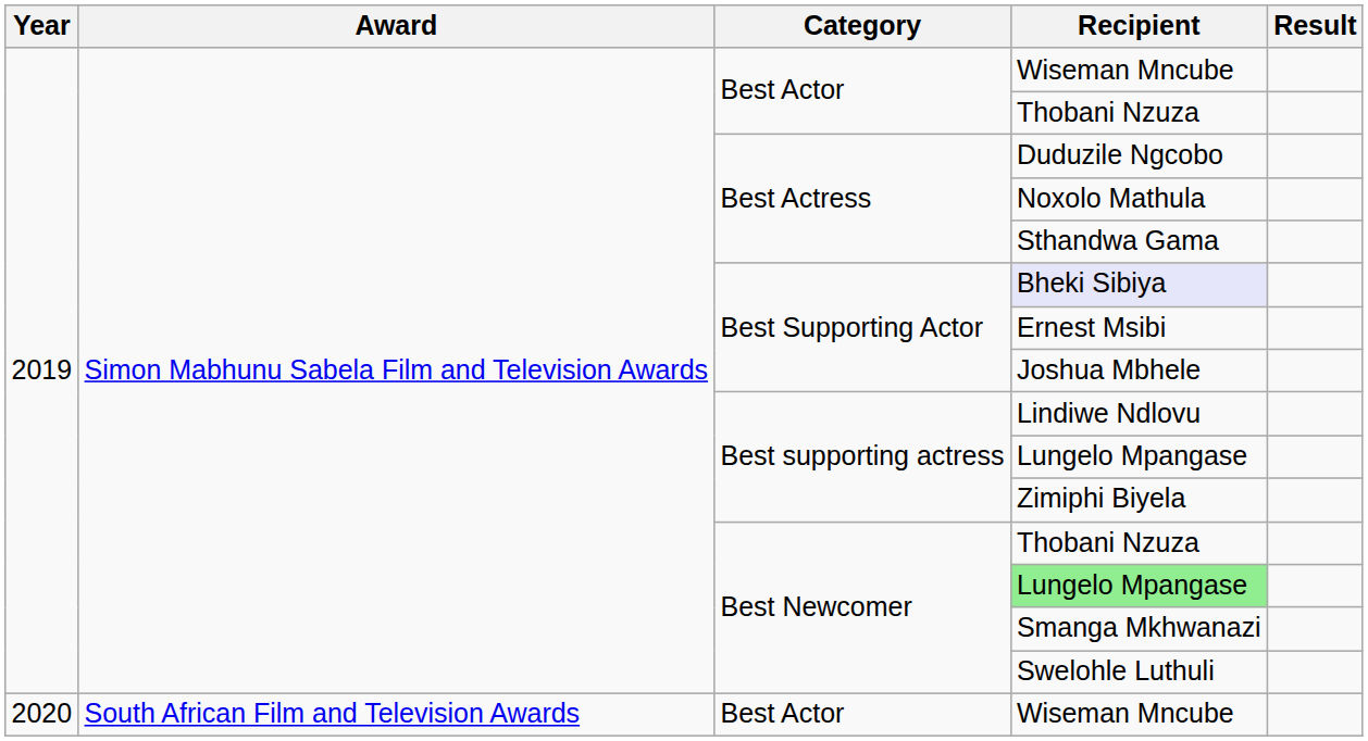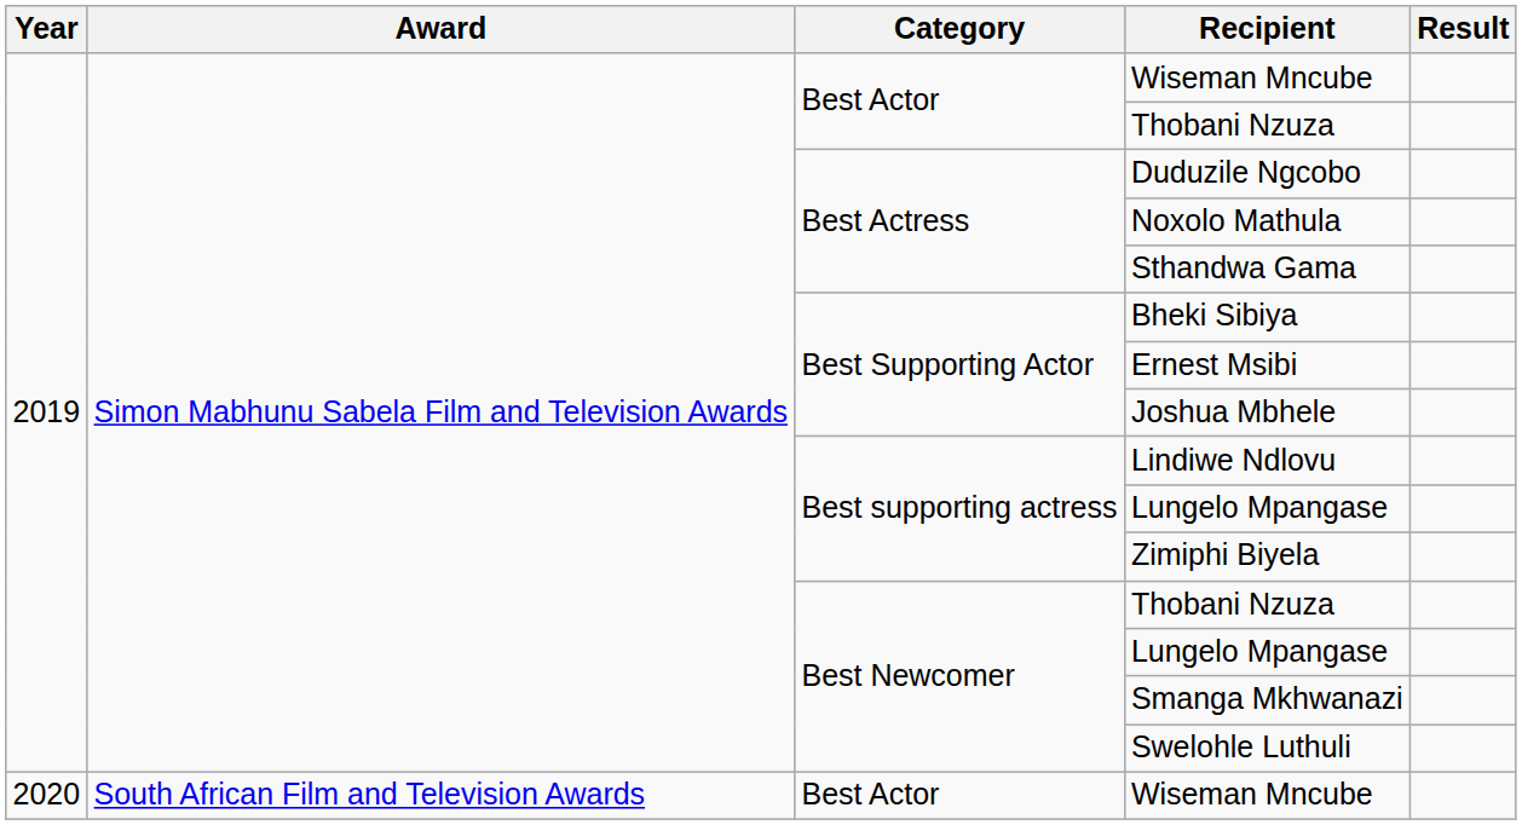 <table class="wikitable">
 <tr>
 <th>Year</th>
 <th>Award</th>
 <th>Category</th>
 <th>Recipient</th>
 <th>Result</th>
 </tr>
 <tr>
 <td rowspan=15>2019</td>
 <td rowspan=15><a href='#'>Simon Mabhunu Sabela Film and Television Awards</a></td>
 <td rowspan=2>Best Actor</td>
 <td>Wiseman Mncube</td>
 <td></td>
 </tr>
 <tr>
 <td>Thobani Nzuza</td>
 <td></td>
 </tr>
 <tr>
 <td rowspan=3>Best Actress</td>
 <td>Duduzile Ngcobo</td>
 <td></td>
 </tr>
 <tr>
 <td>Noxolo Mathula</td>
 <td></td>
 </tr>
 <tr>
 <td>Sthandwa Gama</td>
 <td></td>
 </tr>
 <tr>
 <td rowspan=3>Best Supporting Actor</td>
-<td style="background: lavender;">Bheki Sibiya</td>
+<td>Bheki Sibiya</td>
 <td></td>
 </tr>
 <tr>
 <td>Ernest Msibi</td>
 <td></td>
 </tr>
 <tr>
 <td>Joshua Mbhele</td>
 <td></td>
 </tr>
 <tr>
 <td rowspan=3>Best supporting actress</td>
 <td>Lindiwe Ndlovu</td>
 <td></td>
 </tr>
 <tr>
 <td>Lungelo Mpangase</td>
 <td></td>
 </tr>
 <tr>
 <td>Zimiphi Biyela</td>
 <td></td>
 </tr>
 <tr>
 <td rowspan=4>Best Newcomer</td>
 <td>Thobani Nzuza</td>
 <td></td>
 </tr>
 <tr>
-<td style="background: lightgreen;">Lungelo Mpangase</td>
+<td>Lungelo Mpangase</td>
 <td></td>
 </tr>
 <tr>
 <td>Smanga Mkhwanazi</td>
 <td></td>
 </tr>
 <tr>
 <td>Swelohle Luthuli</td>
 <td></td>
 </tr>
 <tr>
 <td rowspan=1>2020</td>
 <td><a href='#'>South African Film and Television Awards</a></td>
 <td rowspan=1>Best Actor</td>
 <td>Wiseman Mncube</td>
 <td></td>
 </tr>
 </table>
